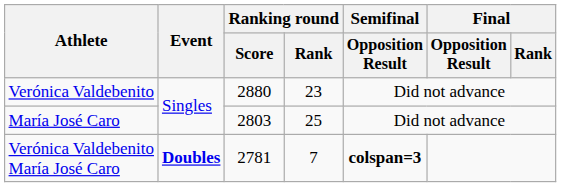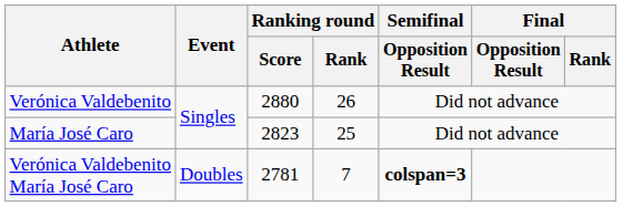 <table class=wikitable style=font-size:90%;text-align:center>
 <tr>
 <th rowspan=2>Athlete</th>
 <th rowspan=2>Event</th>
 <th colspan=2>Ranking round</th>
 <th>Semifinal</th>
 <th colspan=2>Final</th>
 </tr>
 <tr style=font-size:95%>
 <th>Score</th>
 <th>Rank</th>
 <th>Opposition<br>Result</th>
 <th>Opposition<br>Result</th>
 <th>Rank</th>
 </tr>
 <tr>
 <td style="text-align:left"><a href='#'>Verónica Valdebenito</a></td>
 <td style="text-align:left" rowspan=2><a href='#'>Singles</a></td>
 <td>2880</td>
-<td>23</td>
+<td>26</td>
 <td colspan="3">Did not advance</td>
 </tr>
 <tr>
 <td style="text-align:left"><a href='#'>María José Caro</a></td>
-<td>2803</td>
+<td>2823</td>
 <td>25</td>
 <td colspan="3">Did not advance</td>
 </tr>
 <tr>
 <td style="text-align:left"><a href='#'>Verónica Valdebenito</a><br><a href='#'>María José Caro</a></td>
-<td style="text-align:left"><strong><a href='#'>Doubles</a></strong></td>
+<td style="text-align:left"><a href='#'>Doubles</a></td>
 <td>2781</td>
 <td>7</td>
 <td><strong>colspan=3 </strong></td>
 </tr>
 </table>
